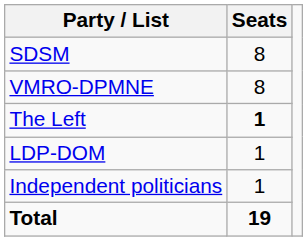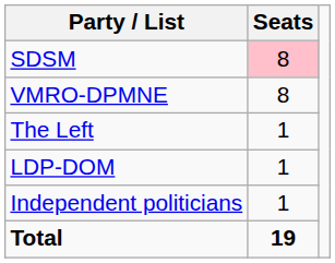 <table class="wikitable">
 <tr>
 <th><strong>Party / List</strong></th>
 <th><strong>Seats</strong></th>
 <td rowspan="10"></td>
 </tr>
 <tr style="text-align:center;">
 <td style="text-align:left;"><a href='#'>SDSM</a></td>
-<td>8</td>
+<td style="background: pink;">8</td>
 </tr>
 <tr style="text-align:center;">
 <td style="text-align:left;"><a href='#'>VMRO-DPMNE</a></td>
 <td>8</td>
 </tr>
 <tr style="text-align:center;">
 <td style="text-align:left;"><a href='#'>The Left</a></td>
-<td><strong>1</strong></td>
+<td>1</td>
 </tr>
 <tr style="text-align:center;">
 <td style="text-align:left;"><a href='#'>LDP-DOM</a></td>
 <td>1</td>
 </tr>
 <tr style="text-align:center;">
 <td style="text-align:left;"><a href='#'>Independent politicians</a></td>
 <td>1</td>
 </tr>
 <tr>
 <td><strong>Total</strong></td>
 <td style="text-align:center;"><strong>19</strong></td>
 </tr>
 </table>
